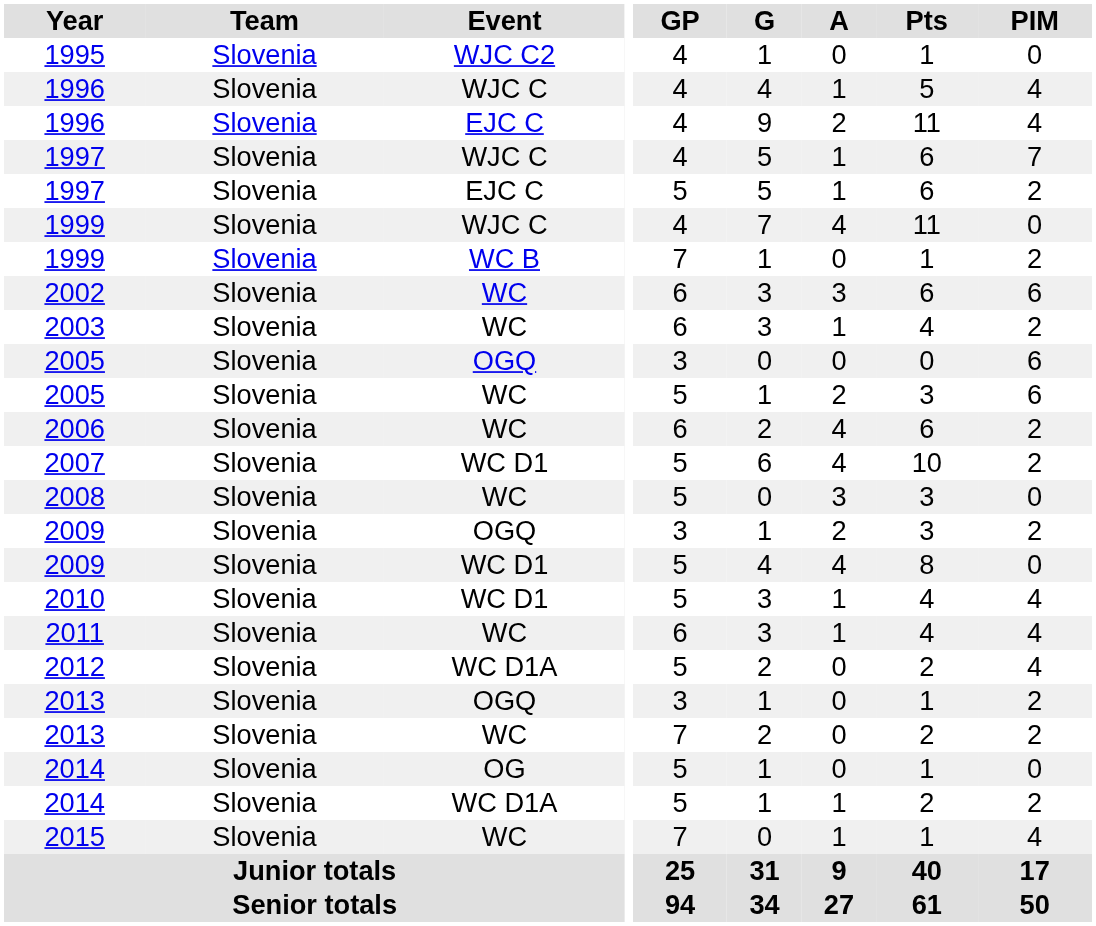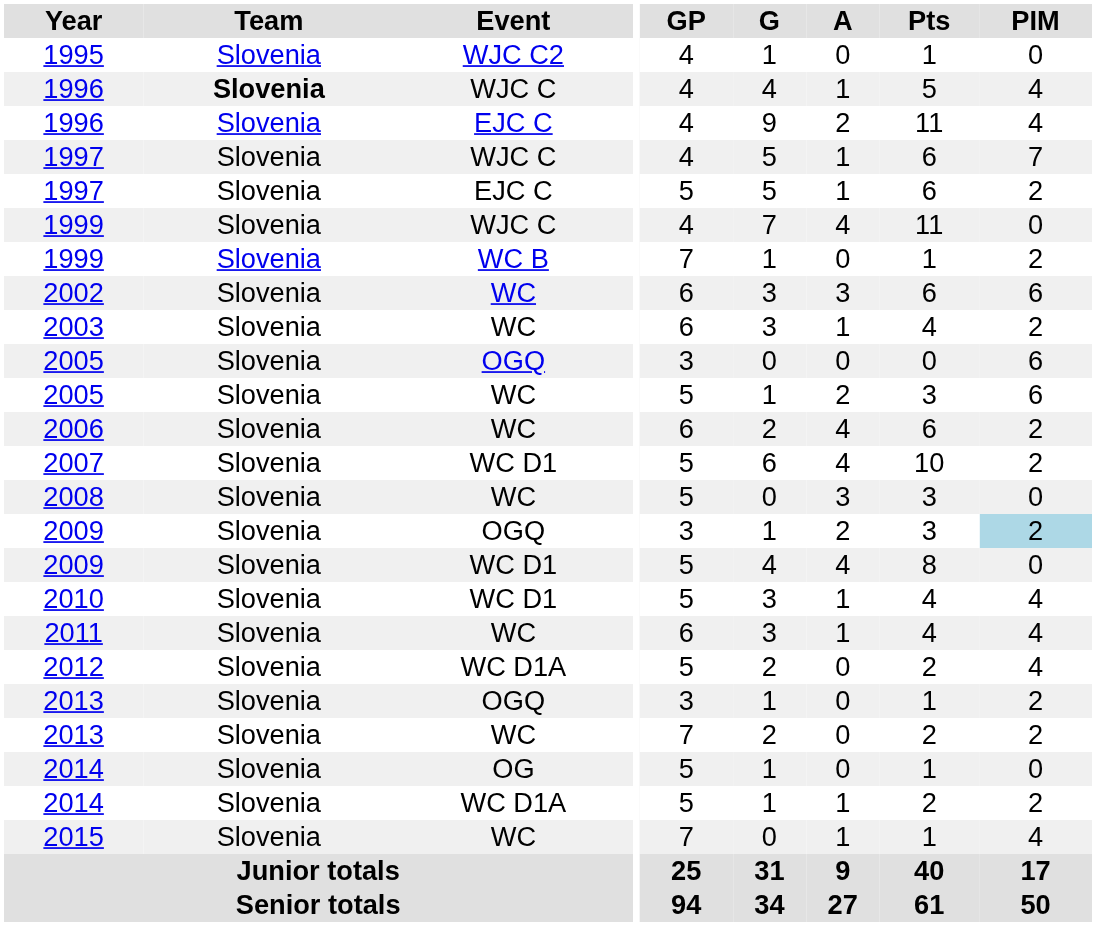 <table border="0" cellpadding="1" cellspacing="0" ID="Table3" style="text-align:center; width:40em">
 <tr ALIGN="center" bgcolor="#e0e0e0">
 <th>Year</th>
 <th>Team</th>
 <th>Event</th>
 <th rowspan="102" bgcolor="#ffffff"></th>
 <th>GP</th>
 <th>G</th>
 <th>A</th>
 <th>Pts</th>
 <th>PIM</th>
 </tr>
 <tr>
 <td><a href='#'>1995</a></td>
 <td><a href='#'>Slovenia</a></td>
 <td><a href='#'>WJC C2</a></td>
 <td>4</td>
 <td>1</td>
 <td>0</td>
 <td>1</td>
 <td>0</td>
 </tr>
 <tr bgcolor="#f0f0f0">
 <td><a href='#'>1996</a></td>
-<td>Slovenia</td>
+<td><strong>Slovenia</strong></td>
 <td>WJC C</td>
 <td>4</td>
 <td>4</td>
 <td>1</td>
 <td>5</td>
 <td>4</td>
 </tr>
 <tr>
 <td><a href='#'>1996</a></td>
 <td><a href='#'>Slovenia</a></td>
 <td><a href='#'>EJC C</a></td>
 <td>4</td>
 <td>9</td>
 <td>2</td>
 <td>11</td>
 <td>4</td>
 </tr>
 <tr bgcolor="#f0f0f0">
 <td><a href='#'>1997</a></td>
 <td>Slovenia</td>
 <td>WJC C</td>
 <td>4</td>
 <td>5</td>
 <td>1</td>
 <td>6</td>
 <td>7</td>
 </tr>
 <tr>
 <td><a href='#'>1997</a></td>
 <td>Slovenia</td>
 <td>EJC C</td>
 <td>5</td>
 <td>5</td>
 <td>1</td>
 <td>6</td>
 <td>2</td>
 </tr>
 <tr bgcolor="#f0f0f0">
 <td><a href='#'>1999</a></td>
 <td>Slovenia</td>
 <td>WJC C</td>
 <td>4</td>
 <td>7</td>
 <td>4</td>
 <td>11</td>
 <td>0</td>
 </tr>
 <tr>
 <td><a href='#'>1999</a></td>
 <td><a href='#'>Slovenia</a></td>
 <td><a href='#'>WC B</a></td>
 <td>7</td>
 <td>1</td>
 <td>0</td>
 <td>1</td>
 <td>2</td>
 </tr>
 <tr bgcolor="#f0f0f0">
 <td><a href='#'>2002</a></td>
 <td>Slovenia</td>
 <td><a href='#'>WC</a></td>
 <td>6</td>
 <td>3</td>
 <td>3</td>
 <td>6</td>
 <td>6</td>
 </tr>
 <tr>
 <td><a href='#'>2003</a></td>
 <td>Slovenia</td>
 <td>WC</td>
 <td>6</td>
 <td>3</td>
 <td>1</td>
 <td>4</td>
 <td>2</td>
 </tr>
 <tr bgcolor="#f0f0f0">
 <td><a href='#'>2005</a></td>
 <td>Slovenia</td>
 <td><a href='#'>OGQ</a></td>
 <td>3</td>
 <td>0</td>
 <td>0</td>
 <td>0</td>
 <td>6</td>
 </tr>
 <tr>
 <td><a href='#'>2005</a></td>
 <td>Slovenia</td>
 <td>WC</td>
 <td>5</td>
 <td>1</td>
 <td>2</td>
 <td>3</td>
 <td>6</td>
 </tr>
 <tr bgcolor="#f0f0f0">
 <td><a href='#'>2006</a></td>
 <td>Slovenia</td>
 <td>WC</td>
 <td>6</td>
 <td>2</td>
 <td>4</td>
 <td>6</td>
 <td>2</td>
 </tr>
 <tr>
 <td><a href='#'>2007</a></td>
 <td>Slovenia</td>
 <td>WC D1</td>
 <td>5</td>
 <td>6</td>
 <td>4</td>
 <td>10</td>
 <td>2</td>
 </tr>
 <tr bgcolor="#f0f0f0">
 <td><a href='#'>2008</a></td>
 <td>Slovenia</td>
 <td>WC</td>
 <td>5</td>
 <td>0</td>
 <td>3</td>
 <td>3</td>
 <td>0</td>
 </tr>
 <tr>
 <td><a href='#'>2009</a></td>
 <td>Slovenia</td>
 <td>OGQ</td>
 <td>3</td>
 <td>1</td>
 <td>2</td>
 <td>3</td>
-<td>2</td>
+<td style="background: lightblue;">2</td>
 </tr>
 <tr bgcolor="#f0f0f0">
 <td><a href='#'>2009</a></td>
 <td>Slovenia</td>
 <td>WC D1</td>
 <td>5</td>
 <td>4</td>
 <td>4</td>
 <td>8</td>
 <td>0</td>
 </tr>
 <tr>
 <td><a href='#'>2010</a></td>
 <td>Slovenia</td>
 <td>WC D1</td>
 <td>5</td>
 <td>3</td>
 <td>1</td>
 <td>4</td>
 <td>4</td>
 </tr>
 <tr bgcolor="#f0f0f0">
 <td><a href='#'>2011</a></td>
 <td>Slovenia</td>
 <td>WC</td>
 <td>6</td>
 <td>3</td>
 <td>1</td>
 <td>4</td>
 <td>4</td>
 </tr>
 <tr>
 <td><a href='#'>2012</a></td>
 <td>Slovenia</td>
 <td>WC D1A</td>
 <td>5</td>
 <td>2</td>
 <td>0</td>
 <td>2</td>
 <td>4</td>
 </tr>
 <tr bgcolor="#f0f0f0">
 <td><a href='#'>2013</a></td>
 <td>Slovenia</td>
 <td>OGQ</td>
 <td>3</td>
 <td>1</td>
 <td>0</td>
 <td>1</td>
 <td>2</td>
 </tr>
 <tr>
 <td><a href='#'>2013</a></td>
 <td>Slovenia</td>
 <td>WC</td>
 <td>7</td>
 <td>2</td>
 <td>0</td>
 <td>2</td>
 <td>2</td>
 </tr>
 <tr bgcolor="#f0f0f0">
 <td><a href='#'>2014</a></td>
 <td>Slovenia</td>
 <td>OG</td>
 <td>5</td>
 <td>1</td>
 <td>0</td>
 <td>1</td>
 <td>0</td>
 </tr>
 <tr>
 <td><a href='#'>2014</a></td>
 <td>Slovenia</td>
 <td>WC D1A</td>
 <td>5</td>
 <td>1</td>
 <td>1</td>
 <td>2</td>
 <td>2</td>
 </tr>
 <tr bgcolor="#f0f0f0">
 <td><a href='#'>2015</a></td>
 <td>Slovenia</td>
 <td>WC</td>
 <td>7</td>
 <td>0</td>
 <td>1</td>
 <td>1</td>
 <td>4</td>
 </tr>
 <tr bgcolor="#e0e0e0">
 <th colspan=3>Junior totals</th>
 <th>25</th>
 <th>31</th>
 <th>9</th>
 <th>40</th>
 <th>17</th>
 </tr>
 <tr bgcolor="#e0e0e0">
 <th colspan=3>Senior totals</th>
 <th>94</th>
 <th>34</th>
 <th>27</th>
 <th>61</th>
 <th>50</th>
 </tr>
 </table>
